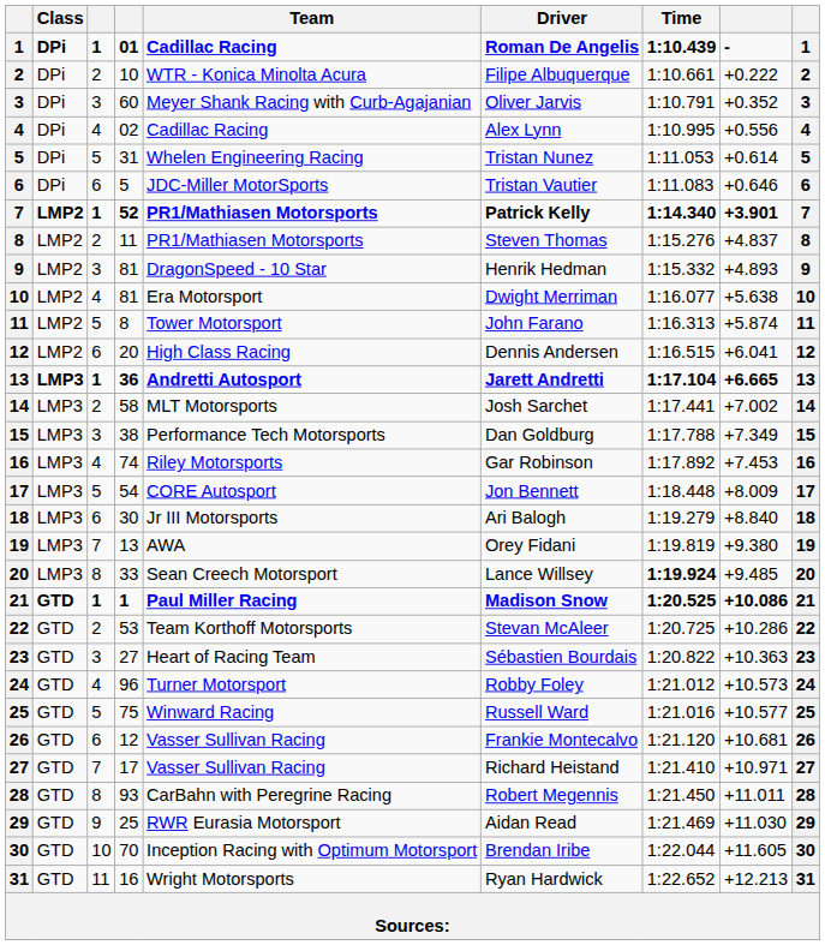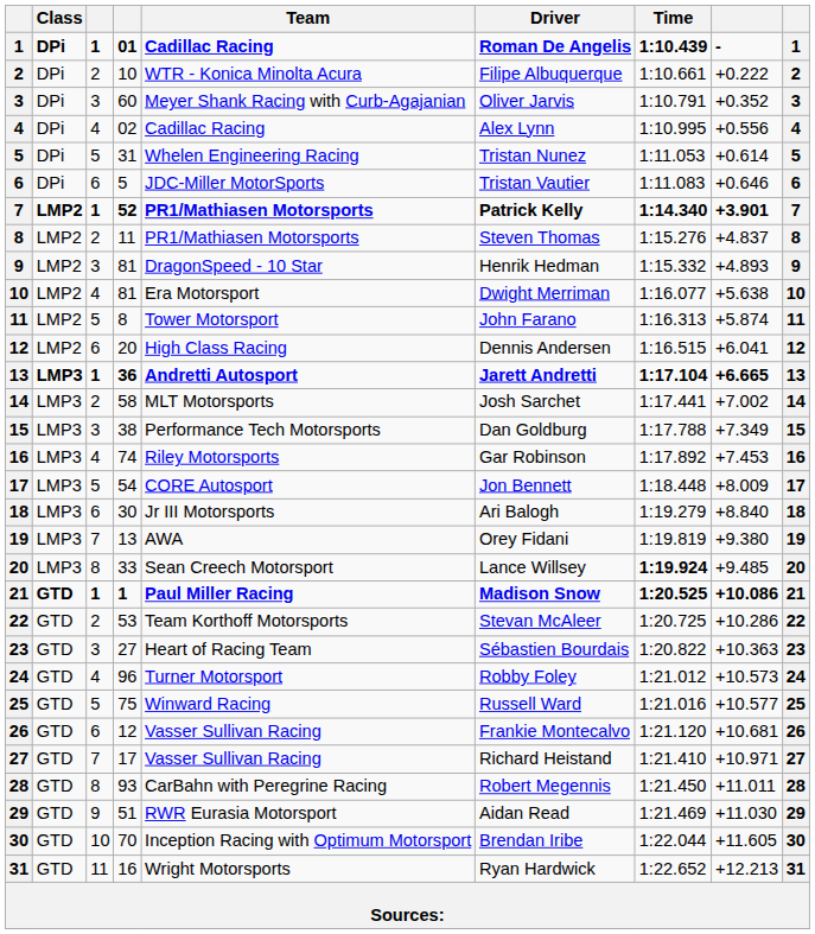 <table class="wikitable">
 <tr>
 <th scope="col"></th>
 <th scope="col">Class</th>
 <th scope="col"></th>
 <th scope="col"></th>
 <th scope="col">Team</th>
 <th scope="col">Driver</th>
 <th scope="col">Time</th>
 <th scope="col"></th>
 <th scope="col"></th>
 </tr>
 <tr style="font-weight:bold">
 <th scope="row">1</th>
 <td>DPi</td>
 <td>1</td>
 <td>01</td>
 <td> <a href='#'>Cadillac Racing</a></td>
 <td> <a href='#'>Roman De Angelis</a></td>
 <td>1:10.439</td>
 <td><strong>-</strong></td>
 <th>1</th>
 </tr>
 <tr>
 <th scope="row">2</th>
 <td>DPi</td>
 <td>2</td>
 <td>10</td>
 <td> <a href='#'>WTR - Konica Minolta Acura</a></td>
 <td> <a href='#'>Filipe Albuquerque</a></td>
 <td>1:10.661</td>
 <td>+0.222</td>
 <th>2</th>
 </tr>
 <tr>
 <th scope="row">3</th>
 <td>DPi</td>
 <td>3</td>
 <td>60</td>
 <td> <a href='#'>Meyer Shank Racing</a> with <a href='#'>Curb-Agajanian</a></td>
 <td> <a href='#'>Oliver Jarvis</a></td>
 <td>1:10.791</td>
 <td>+0.352</td>
 <th>3</th>
 </tr>
 <tr>
 <th scope="row">4</th>
 <td>DPi</td>
 <td>4</td>
 <td>02</td>
 <td> <a href='#'>Cadillac Racing</a></td>
 <td> <a href='#'>Alex Lynn</a></td>
 <td>1:10.995</td>
 <td>+0.556</td>
 <th>4</th>
 </tr>
 <tr>
 <th scope="row">5</th>
 <td>DPi</td>
 <td>5</td>
 <td>31</td>
 <td> <a href='#'>Whelen Engineering Racing</a></td>
 <td> <a href='#'>Tristan Nunez</a></td>
 <td>1:11.053</td>
 <td>+0.614</td>
 <th>5</th>
 </tr>
 <tr>
 <th scope="row">6</th>
 <td>DPi</td>
 <td>6</td>
 <td>5</td>
 <td> <a href='#'>JDC-Miller MotorSports</a></td>
 <td> <a href='#'>Tristan Vautier</a></td>
 <td>1:11.083</td>
 <td>+0.646</td>
 <th>6</th>
 </tr>
 <tr style="font-weight:bold">
 <th scope="row">7</th>
 <td>LMP2</td>
 <td>1</td>
 <td>52</td>
 <td> <a href='#'>PR1/Mathiasen Motorsports</a></td>
 <td> Patrick Kelly</td>
 <td>1:14.340</td>
 <td>+3.901</td>
 <th>7</th>
 </tr>
 <tr>
 <th scope="row">8</th>
 <td>LMP2</td>
 <td>2</td>
 <td>11</td>
 <td> <a href='#'>PR1/Mathiasen Motorsports</a></td>
 <td> <a href='#'>Steven Thomas</a></td>
 <td>1:15.276</td>
 <td>+4.837</td>
 <th>8</th>
 </tr>
 <tr>
 <th scope="row">9</th>
 <td>LMP2</td>
 <td>3</td>
 <td>81</td>
 <td> <a href='#'>DragonSpeed - 10 Star</a></td>
 <td> Henrik Hedman</td>
 <td>1:15.332</td>
 <td>+4.893</td>
 <th>9</th>
 </tr>
 <tr>
 <th scope="row">10</th>
 <td>LMP2</td>
 <td>4</td>
 <td>81</td>
 <td> Era Motorsport</td>
 <td> <a href='#'>Dwight Merriman</a></td>
 <td>1:16.077</td>
 <td>+5.638</td>
 <th>10</th>
 </tr>
 <tr>
 <th scope="row">11</th>
 <td>LMP2</td>
 <td>5</td>
 <td>8</td>
 <td> <a href='#'>Tower Motorsport</a></td>
 <td> <a href='#'>John Farano</a></td>
 <td>1:16.313</td>
 <td>+5.874</td>
 <th>11</th>
 </tr>
 <tr>
 <th scope="row">12</th>
 <td>LMP2</td>
 <td>6</td>
 <td>20</td>
 <td> <a href='#'>High Class Racing</a></td>
 <td> Dennis Andersen</td>
 <td>1:16.515</td>
 <td>+6.041</td>
 <th>12</th>
 </tr>
 <tr style="font-weight:bold">
 <th scope="row">13</th>
 <td>LMP3</td>
 <td>1</td>
 <td>36</td>
 <td> <a href='#'>Andretti Autosport</a></td>
 <td> <a href='#'>Jarett Andretti</a></td>
 <td>1:17.104</td>
 <td>+6.665</td>
 <th>13</th>
 </tr>
 <tr>
 <th scope="row">14</th>
 <td>LMP3</td>
 <td>2</td>
 <td>58</td>
 <td> MLT Motorsports</td>
 <td> Josh Sarchet</td>
 <td>1:17.441</td>
 <td>+7.002</td>
 <th>14</th>
 </tr>
 <tr>
 <th scope="row">15</th>
 <td>LMP3</td>
 <td>3</td>
 <td>38</td>
 <td> Performance Tech Motorsports</td>
 <td> Dan Goldburg</td>
 <td>1:17.788</td>
 <td>+7.349</td>
 <th>15</th>
 </tr>
 <tr>
 <th scope="row">16</th>
 <td>LMP3</td>
 <td>4</td>
 <td>74</td>
 <td> <a href='#'>Riley Motorsports</a></td>
 <td> Gar Robinson</td>
 <td>1:17.892</td>
 <td>+7.453</td>
 <th>16</th>
 </tr>
 <tr>
 <th scope="row">17</th>
 <td>LMP3</td>
 <td>5</td>
 <td>54</td>
 <td> <a href='#'>CORE Autosport</a></td>
 <td> <a href='#'>Jon Bennett</a></td>
 <td>1:18.448</td>
 <td>+8.009</td>
 <th>17</th>
 </tr>
 <tr>
 <th scope="row">18</th>
 <td>LMP3</td>
 <td>6</td>
 <td>30</td>
 <td> Jr III Motorsports</td>
 <td> Ari Balogh</td>
 <td>1:19.279</td>
 <td>+8.840</td>
 <th>18</th>
 </tr>
 <tr>
 <th scope="row">19</th>
 <td>LMP3</td>
 <td>7</td>
 <td>13</td>
 <td> AWA</td>
 <td> Orey Fidani</td>
 <td>1:19.819</td>
 <td>+9.380</td>
 <th>19</th>
 </tr>
 <tr>
 <th scope="row">20</th>
 <td>LMP3</td>
 <td>8</td>
 <td>33</td>
 <td> Sean Creech Motorsport</td>
 <td> Lance Willsey</td>
 <td><strong>1:19.924</strong></td>
 <td>+9.485</td>
 <th>20</th>
 </tr>
 <tr style="font-weight:bold">
 <th scope="row">21</th>
 <td>GTD</td>
 <td>1</td>
 <td>1</td>
 <td> <a href='#'>Paul Miller Racing</a></td>
 <td> <a href='#'>Madison Snow</a></td>
 <td>1:20.525</td>
 <td>+10.086</td>
 <th>21</th>
 </tr>
 <tr>
 <th scope="row">22</th>
 <td>GTD</td>
 <td>2</td>
 <td>53</td>
 <td> Team Korthoff Motorsports</td>
 <td> <a href='#'>Stevan McAleer</a></td>
 <td>1:20.725</td>
 <td>+10.286</td>
 <th>22</th>
 </tr>
 <tr>
 <th scope="row">23</th>
 <td>GTD</td>
 <td>3</td>
 <td>27</td>
 <td> Heart of Racing Team</td>
 <td> <a href='#'>Sébastien Bourdais</a></td>
 <td>1:20.822</td>
 <td>+10.363</td>
 <th>23</th>
 </tr>
 <tr>
 <th scope="row">24</th>
 <td>GTD</td>
 <td>4</td>
 <td>96</td>
 <td> <a href='#'>Turner Motorsport</a></td>
 <td> <a href='#'>Robby Foley</a></td>
 <td>1:21.012</td>
 <td>+10.573</td>
 <th>24</th>
 </tr>
 <tr>
 <th scope="row">25</th>
 <td>GTD</td>
 <td>5</td>
 <td>75</td>
 <td> <a href='#'>Winward Racing</a></td>
 <td> <a href='#'>Russell Ward</a></td>
 <td>1:21.016</td>
 <td>+10.577</td>
 <th>25</th>
 </tr>
 <tr>
 <th scope="row">26</th>
 <td>GTD</td>
 <td>6</td>
 <td>12</td>
 <td> <a href='#'>Vasser Sullivan Racing</a></td>
 <td> <a href='#'>Frankie Montecalvo</a></td>
 <td>1:21.120</td>
 <td>+10.681</td>
 <th>26</th>
 </tr>
 <tr>
 <th scope="row">27</th>
 <td>GTD</td>
 <td>7</td>
 <td>17</td>
 <td> <a href='#'>Vasser Sullivan Racing</a></td>
 <td> Richard Heistand</td>
 <td>1:21.410</td>
 <td>+10.971</td>
 <th>27</th>
 </tr>
 <tr>
 <th scope="row">28</th>
 <td>GTD</td>
 <td>8</td>
 <td>93</td>
 <td> CarBahn with Peregrine Racing</td>
 <td> <a href='#'>Robert Megennis</a></td>
 <td>1:21.450</td>
 <td>+11.011</td>
 <th>28</th>
 </tr>
 <tr>
 <th scope="row">29</th>
 <td>GTD</td>
 <td>9</td>
-<td>25</td>
+<td>51</td>
 <td> <a href='#'>RWR</a> Eurasia Motorsport</td>
 <td> Aidan Read</td>
 <td>1:21.469</td>
 <td>+11.030</td>
 <th>29</th>
 </tr>
 <tr>
 <th scope="row">30</th>
 <td>GTD</td>
 <td>10</td>
 <td>70</td>
 <td> Inception Racing with <a href='#'>Optimum Motorsport</a></td>
 <td> <a href='#'>Brendan Iribe</a></td>
 <td>1:22.044</td>
 <td>+11.605</td>
 <th>30</th>
 </tr>
 <tr>
 <th scope="row">31</th>
 <td>GTD</td>
 <td>11</td>
 <td>16</td>
 <td> Wright Motorsports</td>
 <td> Ryan Hardwick</td>
 <td>1:22.652</td>
 <td>+12.213</td>
 <th>31</th>
 </tr>
 <tr>
 <th colspan=9><br>Sources:</th>
 </tr>
 <tr>
 </tr>
 </table>
